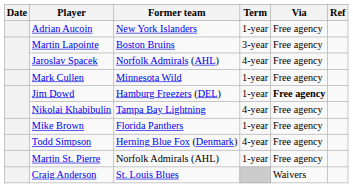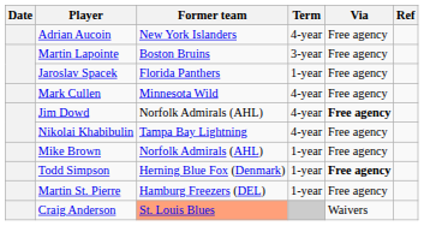 <table class="wikitable plainrowheaders">
 <tr style="background:#ddd; text-align:center;">
 <th>Date</th>
 <th>Player</th>
 <th>Former team</th>
 <th>Term</th>
 <th>Via</th>
 <th>Ref</th>
 </tr>
 <tr>
 <th scope="row"></th>
 <td><a href='#'>Adrian Aucoin</a></td>
 <td><a href='#'>New York Islanders</a></td>
-<td>1-year</td>
+<td>4-year</td>
 <td>Free agency</td>
 <td></td>
 </tr>
 <tr>
 <th scope="row" rowspan=2></th>
 <td><a href='#'>Martin Lapointe</a></td>
 <td><a href='#'>Boston Bruins</a></td>
 <td>3-year</td>
 <td>Free agency</td>
 <td></td>
 </tr>
 <tr>
 <td><a href='#'>Jaroslav Spacek</a></td>
-<td><a href='#'>Norfolk Admirals</a> (<a href='#'>AHL</a>)</td>
-<td>4-year</td>
+<td><a href='#'>Florida Panthers</a></td>
+<td>1-year</td>
 <td>Free agency</td>
 <td></td>
 </tr>
 <tr>
 <th scope="row"></th>
 <td><a href='#'>Mark Cullen</a></td>
 <td><a href='#'>Minnesota Wild</a></td>
-<td>1-year</td>
+<td>4-year</td>
 <td>Free agency</td>
 <td></td>
 </tr>
 <tr>
 <th scope="row" rowspan=2></th>
 <td><a href='#'>Jim Dowd</a></td>
-<td><a href='#'>Hamburg Freezers</a> (<a href='#'>DEL</a>)</td>
-<td>1-year</td>
+<td>Norfolk Admirals (AHL)</td>
+<td>4-year</td>
 <td><strong>Free agency</strong></td>
 <td></td>
 </tr>
 <tr>
 <td><a href='#'>Nikolai Khabibulin</a></td>
 <td><a href='#'>Tampa Bay Lightning</a></td>
 <td>4-year</td>
 <td>Free agency</td>
 <td></td>
 </tr>
 <tr>
 <th scope="row"></th>
 <td><a href='#'>Mike Brown</a></td>
-<td><a href='#'>Florida Panthers</a></td>
+<td><a href='#'>Norfolk Admirals</a> (<a href='#'>AHL</a>)</td>
 <td>1-year</td>
 <td>Free agency</td>
 <td></td>
 </tr>
 <tr>
 <th scope="row"></th>
 <td><a href='#'>Todd Simpson</a></td>
 <td><a href='#'>Herning Blue Fox</a> (<a href='#'>Denmark</a>)</td>
-<td>4-year</td>
-<td>Free agency</td>
+<td>1-year</td>
+<td><strong>Free agency</strong></td>
 <td></td>
 </tr>
 <tr>
 <th scope="row"></th>
 <td><a href='#'>Martin St. Pierre</a></td>
-<td>Norfolk Admirals (AHL)</td>
+<td><a href='#'>Hamburg Freezers</a> (<a href='#'>DEL</a>)</td>
 <td>1-year</td>
 <td>Free agency</td>
 <td></td>
 </tr>
 <tr>
 <th scope="row"></th>
 <td><a href='#'>Craig Anderson</a></td>
-<td><a href='#'>St. Louis Blues</a></td>
+<td style="background: lightsalmon;"><a href='#'>St. Louis Blues</a></td>
 <td style="background:#ccc"></td>
 <td>Waivers</td>
 <td></td>
 </tr>
 </table>
